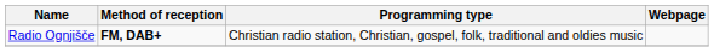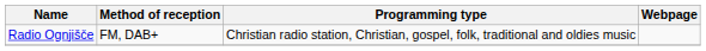 <table class="wikitable">
 <tr>
 <th>Name</th>
 <th>Method of reception</th>
 <th>Programming type</th>
 <th>Webpage</th>
 </tr>
 <tr>
 <td><a href='#'>Radio Ognjišče</a></td>
-<td><strong>FM, DAB+</strong></td>
+<td>FM, DAB+</td>
 <td>Christian radio station, Christian, gospel, folk, traditional and oldies music</td>
 <td></td>
 </tr>
 <tr>
 </tr>
 </table>
